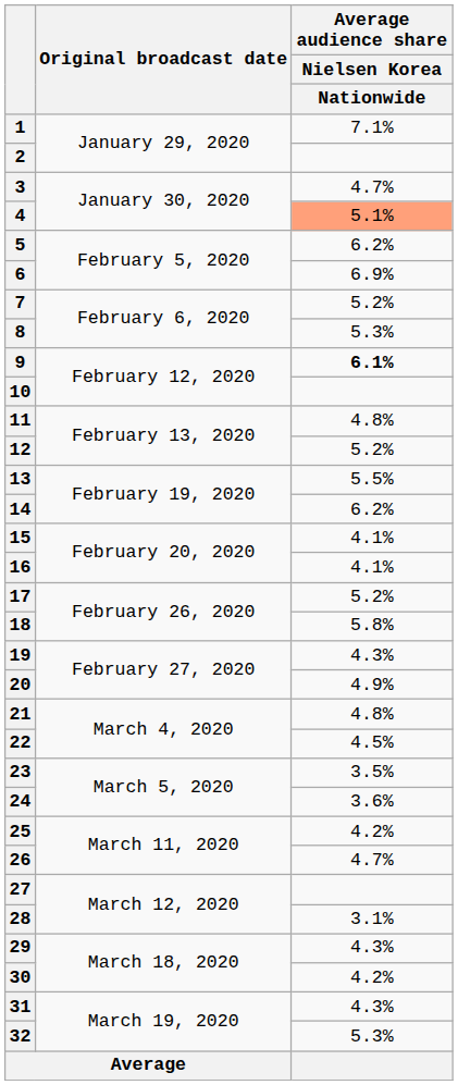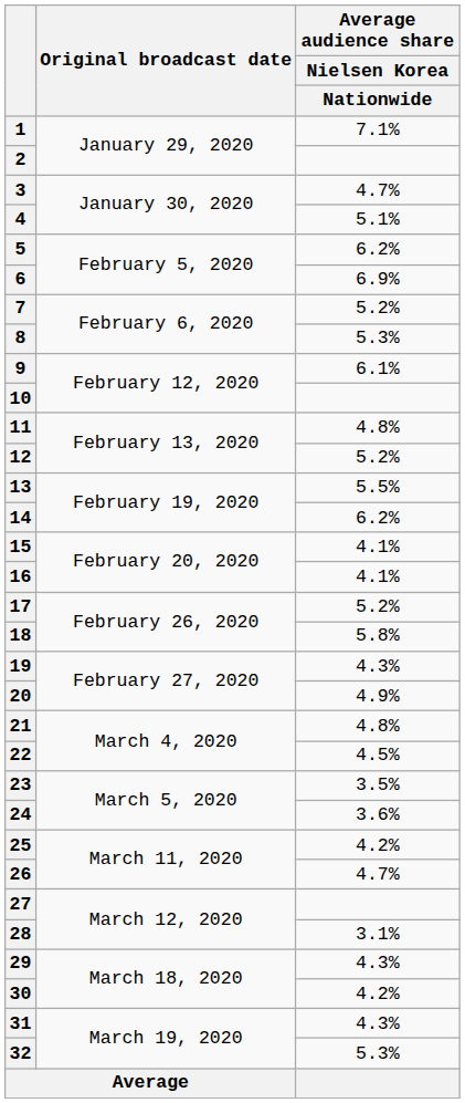 <table class="wikitable" style="text-align:center">
 <tr>
 <th rowspan="3"></th>
 <th rowspan="3">Original broadcast date</th>
 <th colspan="1">Average audience share</th>
 </tr>
 <tr>
 <th>Nielsen Korea</th>
 </tr>
 <tr>
 <th width="110">Nationwide</th>
 </tr>
 <tr>
 <th>1</th>
 <td rowspan="2">January 29, 2020</td>
 <td>7.1%</td>
 </tr>
 <tr>
 <th>2</th>
 <td></td>
 </tr>
 <tr>
 <th>3</th>
 <td rowspan="2">January 30, 2020</td>
 <td>4.7%</td>
 </tr>
 <tr>
 <th>4</th>
-<td style="background: lightsalmon;">5.1%</td>
+<td>5.1%</td>
 </tr>
 <tr>
 <th>5</th>
 <td rowspan="2">February 5, 2020</td>
 <td>6.2%</td>
 </tr>
 <tr>
 <th>6</th>
 <td>6.9%</td>
 </tr>
 <tr>
 <th>7</th>
 <td rowspan="2">February 6, 2020</td>
 <td>5.2%</td>
 </tr>
 <tr>
 <th>8</th>
 <td>5.3%</td>
 </tr>
 <tr>
 <th>9</th>
 <td rowspan="2">February 12, 2020</td>
-<td><strong>6.1%</strong></td>
+<td>6.1%</td>
 </tr>
 <tr>
 <th>10</th>
 <td></td>
 </tr>
 <tr>
 <th>11</th>
 <td rowspan="2">February 13, 2020</td>
 <td>4.8%</td>
 </tr>
 <tr>
 <th>12</th>
 <td>5.2%</td>
 </tr>
 <tr>
 <th>13</th>
 <td rowspan="2">February 19, 2020</td>
 <td>5.5%</td>
 </tr>
 <tr>
 <th>14</th>
 <td>6.2%</td>
 </tr>
 <tr>
 <th>15</th>
 <td rowspan="2">February 20, 2020</td>
 <td>4.1%</td>
 </tr>
 <tr>
 <th>16</th>
 <td>4.1%</td>
 </tr>
 <tr>
 <th>17</th>
 <td rowspan="2">February 26, 2020</td>
 <td>5.2%</td>
 </tr>
 <tr>
 <th>18</th>
 <td>5.8%</td>
 </tr>
 <tr>
 <th>19</th>
 <td rowspan="2">February 27, 2020</td>
 <td>4.3%</td>
 </tr>
 <tr>
 <th>20</th>
 <td>4.9%</td>
 </tr>
 <tr>
 <th>21</th>
 <td rowspan="2">March 4, 2020</td>
 <td>4.8%</td>
 </tr>
 <tr>
 <th>22</th>
 <td>4.5%</td>
 </tr>
 <tr>
 <th>23</th>
 <td rowspan="2">March 5, 2020</td>
 <td>3.5%</td>
 </tr>
 <tr>
 <th>24</th>
 <td>3.6%</td>
 </tr>
 <tr>
 <th>25</th>
 <td rowspan="2">March 11, 2020</td>
 <td>4.2%</td>
 </tr>
 <tr>
 <th>26</th>
 <td>4.7%</td>
 </tr>
 <tr>
 <th>27</th>
 <td rowspan="2">March 12, 2020</td>
 <td></td>
 </tr>
 <tr>
 <th>28</th>
 <td>3.1%</td>
 </tr>
 <tr>
 <th>29</th>
 <td rowspan="2">March 18, 2020</td>
 <td>4.3%</td>
 </tr>
 <tr>
 <th>30</th>
 <td>4.2%</td>
 </tr>
 <tr>
 <th>31</th>
 <td rowspan="2">March 19, 2020</td>
 <td>4.3%</td>
 </tr>
 <tr>
 <th>32</th>
 <td>5.3%</td>
 </tr>
 <tr>
 <th colspan="2">Average</th>
 <th></th>
 </tr>
 </table>
